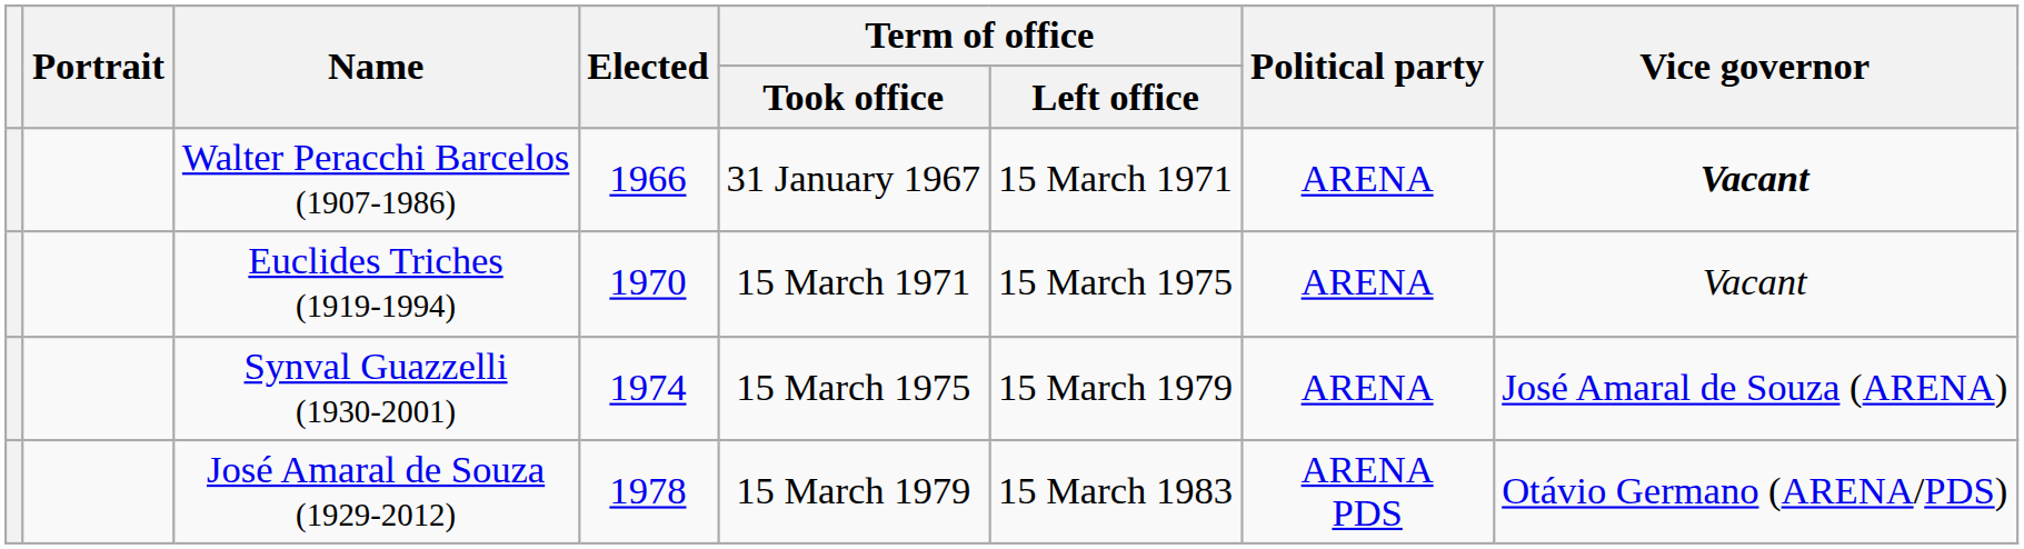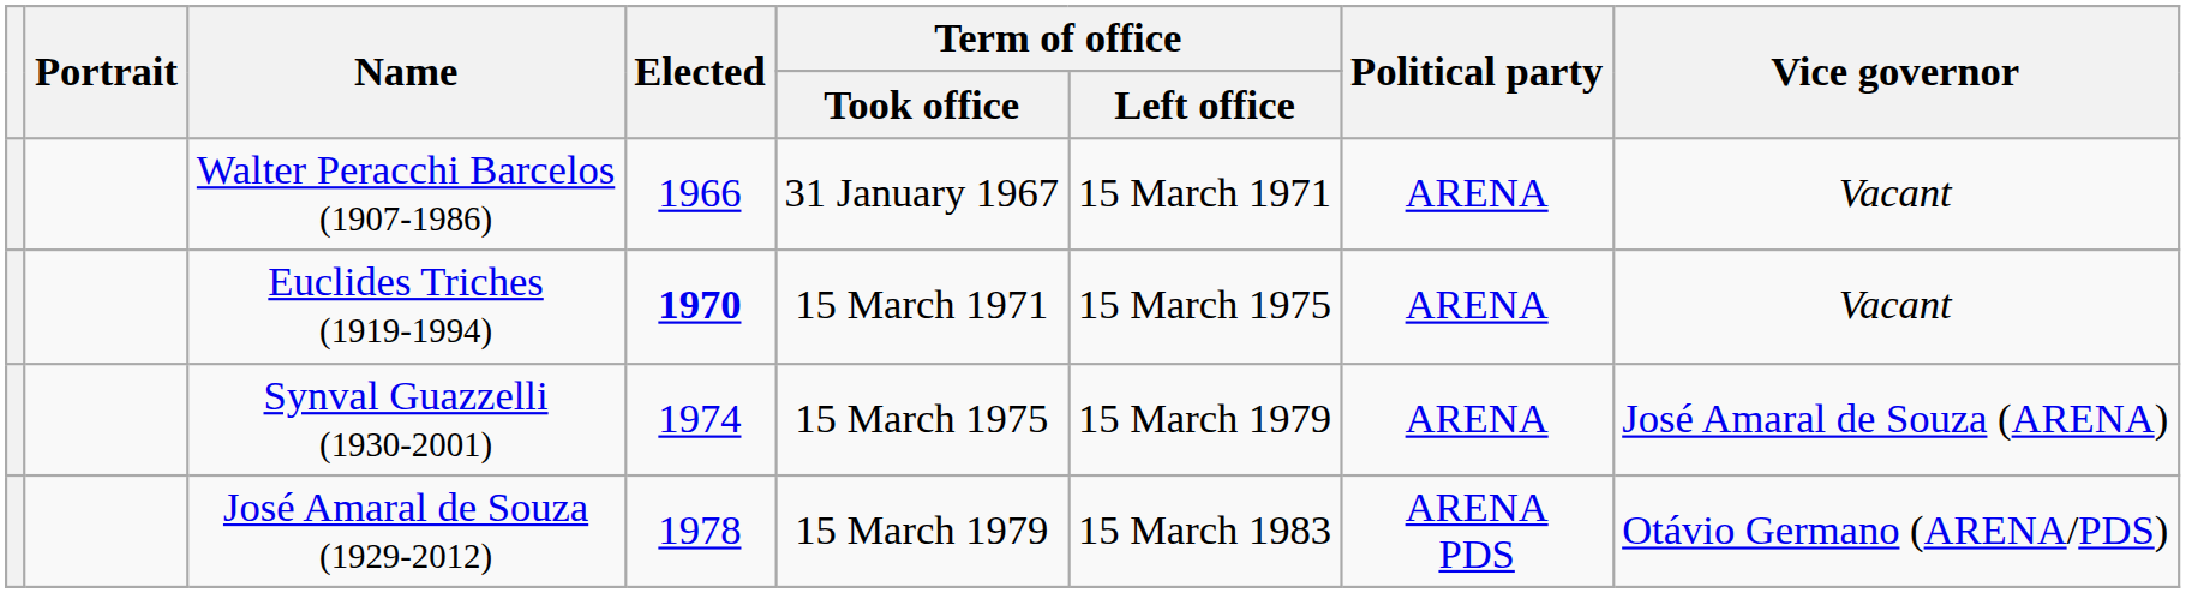 <table class="wikitable" style="text-align:center;">
 <tr>
 <th rowspan="2"></th>
 <th rowspan="2">Portrait</th>
 <th rowspan="2">Name</th>
 <th rowspan="2">Elected</th>
 <th colspan="2">Term of office</th>
 <th rowspan="2">Political party</th>
 <th rowspan="2">Vice governor</th>
 </tr>
 <tr>
 <th>Took office</th>
 <th>Left office</th>
 </tr>
 <tr>
 <th style="background:"></th>
 <td></td>
 <td><a href='#'>Walter Peracchi Barcelos</a><br><small>(1907-1986)</small></td>
 <td><a href='#'>1966</a></td>
 <td>31 January 1967</td>
 <td>15 March 1971</td>
 <td><a href='#'>ARENA</a></td>
-<td><strong><em>Vacant</em></strong></td>
+<td><em>Vacant</em></td>
 </tr>
 <tr>
 <th style="background:"></th>
 <td></td>
 <td><a href='#'>Euclides Triches</a><br><small>(1919-1994)</small></td>
-<td><a href='#'>1970</a></td>
+<td><strong><a href='#'>1970</a></strong></td>
 <td>15 March 1971</td>
 <td>15 March 1975</td>
 <td><a href='#'>ARENA</a></td>
 <td><em>Vacant</em></td>
 </tr>
 <tr>
 <th style="background:"></th>
 <td></td>
 <td><a href='#'>Synval Guazzelli</a><br><small>(1930-2001)</small></td>
 <td><a href='#'>1974</a></td>
 <td>15 March 1975</td>
 <td>15 March 1979</td>
 <td><a href='#'>ARENA</a></td>
 <td><a href='#'>José Amaral de Souza</a> (<a href='#'>ARENA</a>)</td>
 </tr>
 <tr>
 <th style="background:"></th>
 <td></td>
 <td><a href='#'>José Amaral de Souza</a><br><small>(1929-2012)</small></td>
 <td><a href='#'>1978</a></td>
 <td>15 March 1979</td>
 <td>15 March 1983</td>
 <td><a href='#'>ARENA</a><br><a href='#'>PDS</a></td>
 <td><a href='#'>Otávio Germano</a> (<a href='#'>ARENA</a>/<a href='#'>PDS</a>)</td>
 </tr>
 </table>
